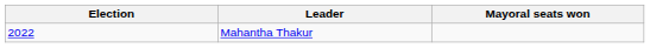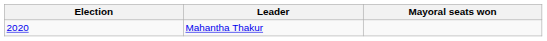 <table class="wikitable sortable mw-collapsible">
 <tr>
 <th style="width:250pt; background:">Election</th>
 <th style="width:250pt; background:">Leader</th>
 <th style="width:250pt; background:">Mayoral seats won</th>
 </tr>
 <tr>
-<td><a href='#'>2022</a></td>
+<td><a href='#'>2020</a></td>
 <td><a href='#'>Mahantha Thakur</a></td>
 <td></td>
 </tr>
 </table>
